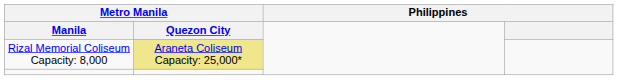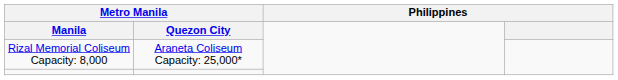 <table class="wikitable" style="text-align:center;">
 <tr>
 <th colspan=2><a href='#'>Metro Manila</a></th>
 <th colspan=2 width=500px>Philippines</th>
 </tr>
 <tr>
 <th width=180><a href='#'>Manila</a></th>
 <th width=180><a href='#'>Quezon City</a></th>
 <td align=center rowspan=3></td>
 <th width=150px></th>
 </tr>
 <tr>
 <td><a href='#'>Rizal Memorial Coliseum</a><br>Capacity: 8,000</td>
-<td style="background: khaki;"><a href='#'>Araneta Coliseum</a><br>Capacity: 25,000*</td>
+<td><a href='#'>Araneta Coliseum</a><br>Capacity: 25,000*</td>
 <td rowspan=2></td>
 </tr>
 <tr>
 <td></td>
 <td></td>
 </tr>
 </table>
